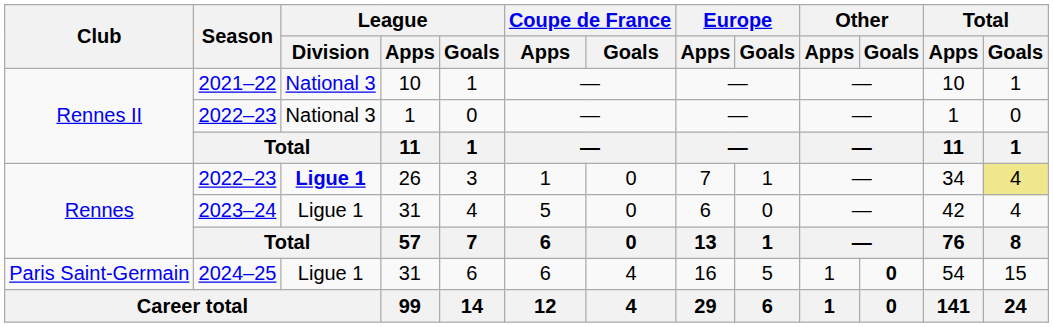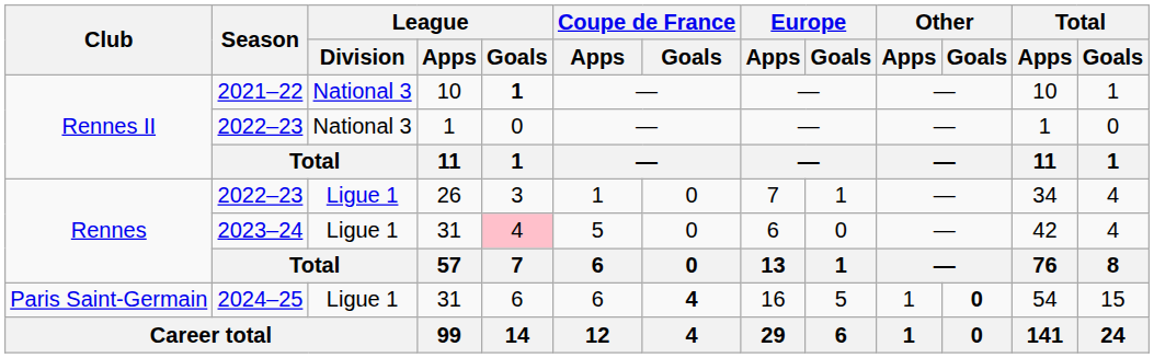 <table class="wikitable" style="text-align: center;">
 <tr>
 <th rowspan="2">Club</th>
 <th rowspan="2">Season</th>
 <th colspan="3">League</th>
 <th colspan="2"><a href='#'>Coupe de France</a></th>
 <th colspan="2"><a href='#'>Europe</a></th>
 <th colspan="2">Other</th>
 <th colspan="2">Total</th>
 </tr>
 <tr>
 <th>Division</th>
 <th>Apps</th>
 <th>Goals</th>
 <th>Apps</th>
 <th>Goals</th>
 <th>Apps</th>
 <th>Goals</th>
 <th>Apps</th>
 <th>Goals</th>
 <th>Apps</th>
 <th>Goals</th>
 </tr>
 <tr>
 <td rowspan="3"><a href='#'>Rennes II</a></td>
 <td><a href='#'>2021–22</a></td>
 <td><a href='#'>National 3</a></td>
 <td>10</td>
-<td>1</td>
+<td><strong>1</strong></td>
 <td colspan="2">—</td>
 <td colspan="2">—</td>
 <td colspan="2">—</td>
 <td>10</td>
 <td>1</td>
 </tr>
 <tr>
 <td><a href='#'>2022–23</a></td>
 <td>National 3</td>
 <td>1</td>
 <td>0</td>
 <td colspan="2">—</td>
 <td colspan="2">—</td>
 <td colspan="2">—</td>
 <td>1</td>
 <td>0</td>
 </tr>
 <tr>
 <th colspan="2">Total</th>
 <th>11</th>
 <th>1</th>
 <th colspan="2">—</th>
 <th colspan="2">—</th>
 <th colspan="2">—</th>
 <th>11</th>
 <th>1</th>
 </tr>
 <tr>
 <td rowspan="3"><a href='#'>Rennes</a></td>
 <td><a href='#'>2022–23</a></td>
-<td><strong><a href='#'>Ligue 1</a></strong></td>
+<td><a href='#'>Ligue 1</a></td>
 <td>26</td>
 <td>3</td>
 <td>1</td>
 <td>0</td>
 <td>7</td>
 <td>1</td>
 <td colspan="2">—</td>
 <td>34</td>
-<td style="background: khaki;">4</td>
+<td>4</td>
 </tr>
 <tr>
 <td><a href='#'>2023–24</a></td>
 <td>Ligue 1</td>
 <td>31</td>
-<td>4</td>
+<td style="background: pink;">4</td>
 <td>5</td>
 <td>0</td>
 <td>6</td>
 <td>0</td>
 <td colspan="2">—</td>
 <td>42</td>
 <td>4</td>
 </tr>
 <tr>
 <th colspan="2">Total</th>
 <th>57</th>
 <th>7</th>
 <th>6</th>
 <th>0</th>
 <th>13</th>
 <th>1</th>
 <th colspan="2">—</th>
 <th>76</th>
 <th>8</th>
 </tr>
 <tr>
 <td><a href='#'>Paris Saint-Germain</a></td>
 <td><a href='#'>2024–25</a></td>
 <td>Ligue 1</td>
 <td>31</td>
 <td>6</td>
 <td>6</td>
-<td>4</td>
+<td><strong>4</strong></td>
 <td>16</td>
 <td>5</td>
 <td>1</td>
 <td><strong>0</strong></td>
 <td>54</td>
 <td>15</td>
 </tr>
 <tr>
 <th colspan="3">Career total</th>
 <th>99</th>
 <th>14</th>
 <th>12</th>
 <th>4</th>
 <th>29</th>
 <th>6</th>
 <th>1</th>
 <th>0</th>
 <th>141</th>
 <th>24</th>
 </tr>
 </table>
